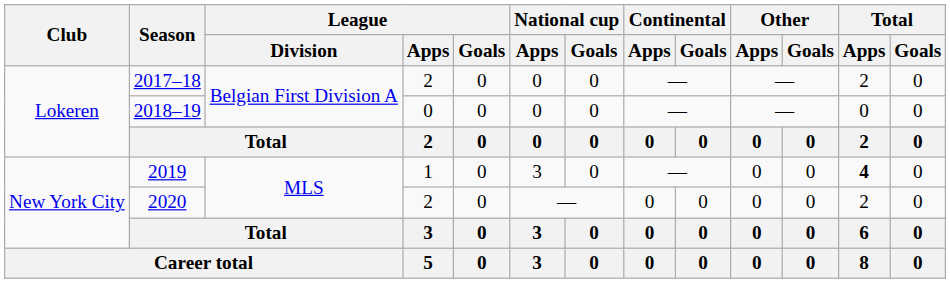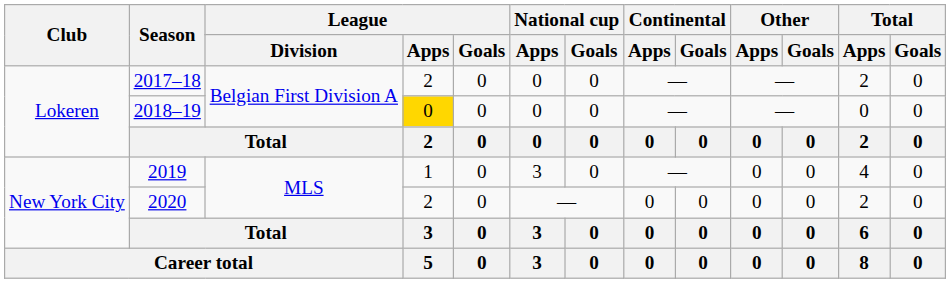 <table class="wikitable" style="text-align:center">
 <tr>
 <th rowspan="2">Club</th>
 <th rowspan="2">Season</th>
 <th colspan="3">League</th>
 <th colspan="2">National cup</th>
 <th colspan="2">Continental</th>
 <th colspan="2">Other</th>
 <th colspan="2">Total</th>
 </tr>
 <tr>
 <th>Division</th>
 <th>Apps</th>
 <th>Goals</th>
 <th>Apps</th>
 <th>Goals</th>
 <th>Apps</th>
 <th>Goals</th>
 <th>Apps</th>
 <th>Goals</th>
 <th>Apps</th>
 <th>Goals</th>
 </tr>
 <tr>
 <td rowspan="3"><a href='#'>Lokeren</a></td>
 <td><a href='#'>2017–18</a></td>
 <td rowspan="2"><a href='#'>Belgian First Division A</a></td>
 <td>2</td>
 <td>0</td>
 <td>0</td>
 <td>0</td>
 <td colspan="2">—</td>
 <td colspan="2">—</td>
 <td>2</td>
 <td>0</td>
 </tr>
 <tr>
 <td><a href='#'>2018–19</a></td>
-<td>0</td>
+<td style="background: gold;">0</td>
 <td>0</td>
 <td>0</td>
 <td>0</td>
 <td colspan="2">—</td>
 <td colspan="2">—</td>
 <td>0</td>
 <td>0</td>
 </tr>
 <tr>
 <th colspan="2">Total</th>
 <th>2</th>
 <th>0</th>
 <th>0</th>
 <th>0</th>
 <th>0</th>
 <th>0</th>
 <th>0</th>
 <th>0</th>
 <th>2</th>
 <th>0</th>
 </tr>
 <tr>
 <td rowspan="3"><a href='#'>New York City</a></td>
 <td><a href='#'>2019</a></td>
 <td rowspan="2"><a href='#'>MLS</a></td>
 <td>1</td>
 <td>0</td>
 <td>3</td>
 <td>0</td>
 <td colspan="2">—</td>
 <td>0</td>
 <td>0</td>
-<td><strong>4</strong></td>
+<td>4</td>
 <td>0</td>
 </tr>
 <tr>
 <td><a href='#'>2020</a></td>
 <td>2</td>
 <td>0</td>
 <td colspan="2">—</td>
 <td>0</td>
 <td>0</td>
 <td>0</td>
 <td>0</td>
 <td>2</td>
 <td>0</td>
 </tr>
 <tr>
 <th colspan="2">Total</th>
 <th>3</th>
 <th>0</th>
 <th>3</th>
 <th>0</th>
 <th>0</th>
 <th>0</th>
 <th>0</th>
 <th>0</th>
 <th>6</th>
 <th>0</th>
 </tr>
 <tr>
 <th colspan="3">Career total</th>
 <th>5</th>
 <th>0</th>
 <th>3</th>
 <th>0</th>
 <th>0</th>
 <th>0</th>
 <th>0</th>
 <th>0</th>
 <th>8</th>
 <th>0</th>
 </tr>
 </table>
